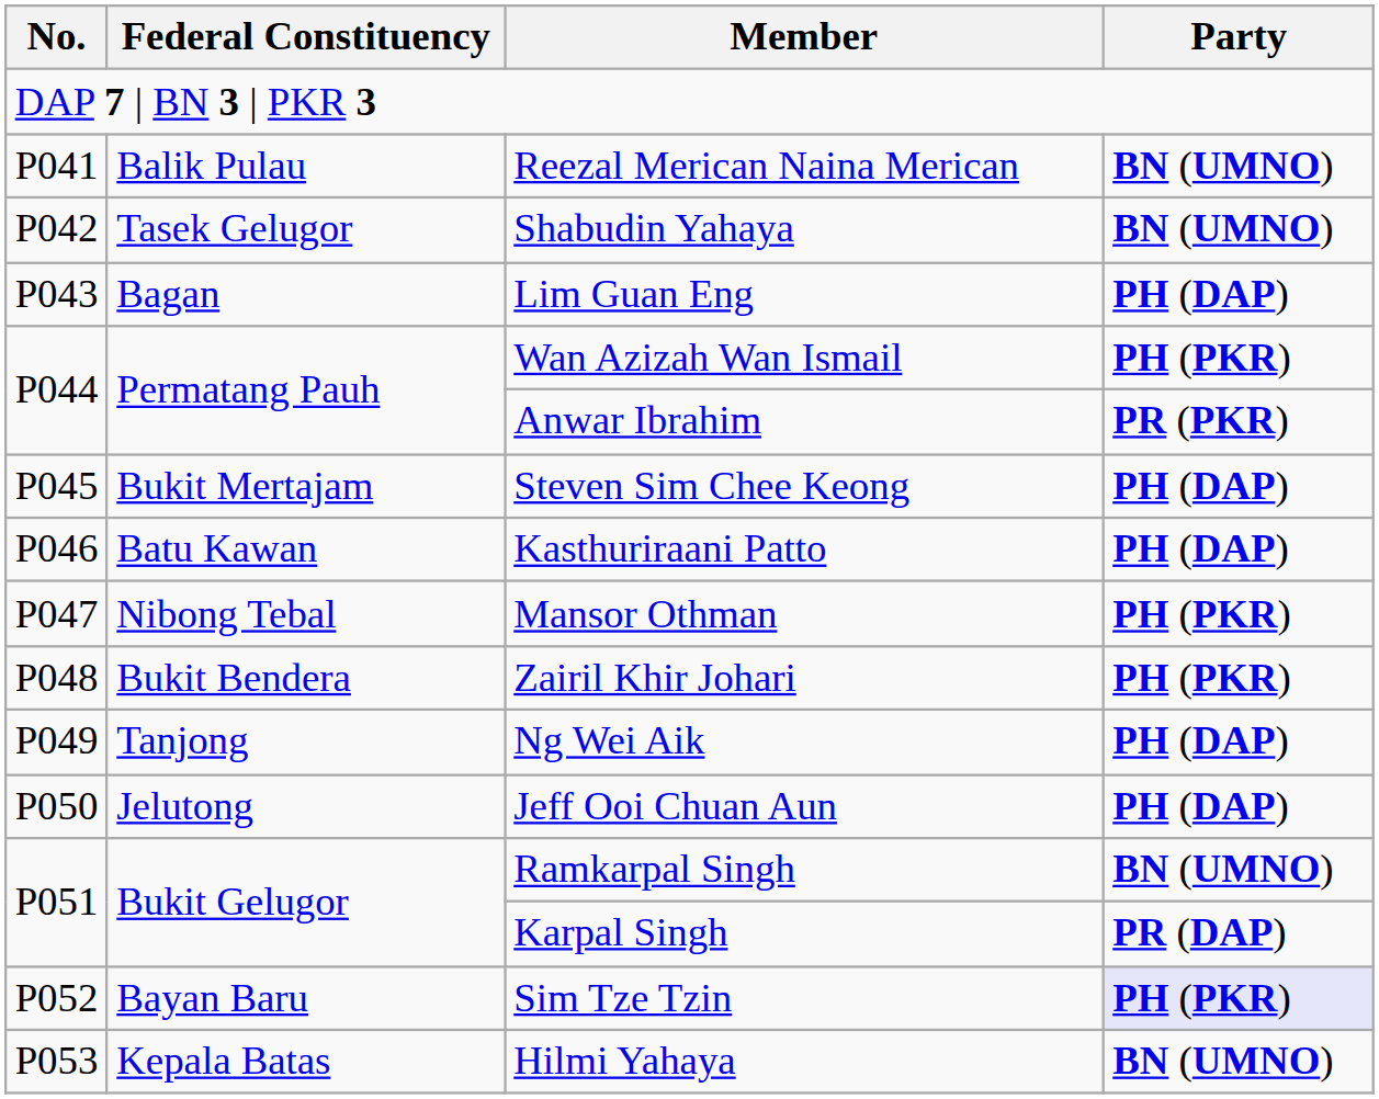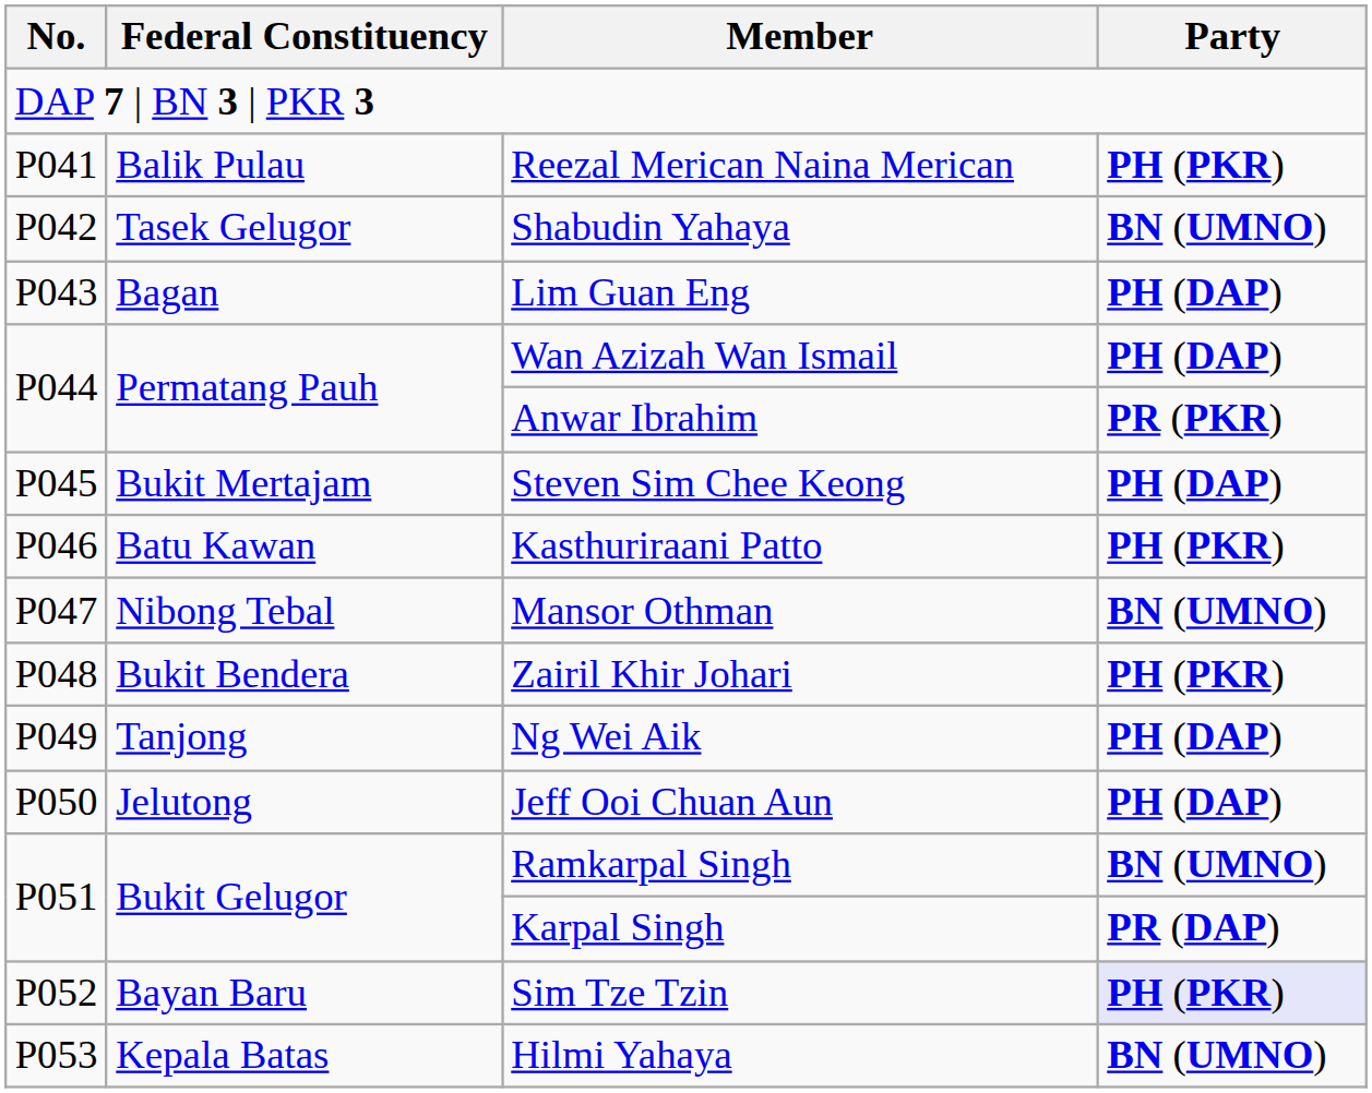 <table class ="wikitable sortable">
 <tr>
 <th style="width:30px;">No.</th>
 <th style="width:150px;">Federal Constituency</th>
 <th style="width:230px;">Member</th>
 <th style="width:100px;">Party</th>
 </tr>
 <tr>
 <td colspan="4"><a href='#'>DAP</a> <strong>7</strong> | <a href='#'>BN</a> <strong>3</strong> | <a href='#'>PKR</a> <strong>3</strong></td>
 </tr>
 <tr>
 <td>P041</td>
 <td><a href='#'>Balik Pulau</a></td>
 <td><a href='#'>Reezal Merican Naina Merican</a></td>
-<td><strong><a href='#'>BN</a></strong> (<strong><a href='#'>UMNO</a></strong>)</td>
+<td><strong><a href='#'>PH</a></strong> (<strong><a href='#'>PKR</a></strong>)</td>
 </tr>
 <tr>
 <td>P042</td>
 <td><a href='#'>Tasek Gelugor</a></td>
 <td><a href='#'>Shabudin Yahaya</a></td>
 <td><strong><a href='#'>BN</a></strong> (<strong><a href='#'>UMNO</a></strong>)</td>
 </tr>
 <tr>
 <td>P043</td>
 <td><a href='#'>Bagan</a></td>
 <td><a href='#'>Lim Guan Eng</a></td>
 <td><strong><a href='#'>PH</a></strong> (<strong><a href='#'>DAP</a></strong>)</td>
 </tr>
 <tr>
 <td rowspan=2>P044</td>
 <td rowspan=2><a href='#'>Permatang Pauh</a></td>
 <td><a href='#'>Wan Azizah Wan Ismail</a> </td>
-<td><strong><a href='#'>PH</a></strong> (<strong><a href='#'>PKR</a></strong>)</td>
+<td><strong><a href='#'>PH</a></strong> (<strong><a href='#'>DAP</a></strong>)</td>
 </tr>
 <tr>
 <td><a href='#'>Anwar Ibrahim</a> </td>
 <td><strong><a href='#'>PR</a></strong> (<strong><a href='#'>PKR</a></strong>)</td>
 </tr>
 <tr>
 <td>P045</td>
 <td><a href='#'>Bukit Mertajam</a></td>
 <td><a href='#'>Steven Sim Chee Keong</a></td>
 <td><strong><a href='#'>PH</a></strong> (<strong><a href='#'>DAP</a></strong>)</td>
 </tr>
 <tr>
 <td>P046</td>
 <td><a href='#'>Batu Kawan</a></td>
 <td><a href='#'>Kasthuriraani Patto</a></td>
-<td><strong><a href='#'>PH</a></strong> (<strong><a href='#'>DAP</a></strong>)</td>
+<td><strong><a href='#'>PH</a></strong> (<strong><a href='#'>PKR</a></strong>)</td>
 </tr>
 <tr>
 <td>P047</td>
 <td><a href='#'>Nibong Tebal</a></td>
 <td><a href='#'>Mansor Othman</a></td>
-<td><strong><a href='#'>PH</a></strong> (<strong><a href='#'>PKR</a></strong>)</td>
+<td><strong><a href='#'>BN</a></strong> (<strong><a href='#'>UMNO</a></strong>)</td>
 </tr>
 <tr>
 <td>P048</td>
 <td><a href='#'>Bukit Bendera</a></td>
 <td><a href='#'>Zairil Khir Johari</a></td>
 <td><strong><a href='#'>PH</a></strong> (<strong><a href='#'>PKR</a></strong>)</td>
 </tr>
 <tr>
 <td>P049</td>
 <td><a href='#'>Tanjong</a></td>
 <td><a href='#'>Ng Wei Aik</a></td>
 <td><strong><a href='#'>PH</a></strong> (<strong><a href='#'>DAP</a></strong>)</td>
 </tr>
 <tr>
 <td>P050</td>
 <td><a href='#'>Jelutong</a></td>
 <td><a href='#'>Jeff Ooi Chuan Aun</a></td>
 <td><strong><a href='#'>PH</a></strong> (<strong><a href='#'>DAP</a></strong>)</td>
 </tr>
 <tr>
 <td rowspan=2>P051</td>
 <td rowspan=2><a href='#'>Bukit Gelugor</a></td>
 <td><a href='#'>Ramkarpal Singh</a> </td>
 <td><strong><a href='#'>BN</a></strong> (<strong><a href='#'>UMNO</a></strong>)</td>
 </tr>
 <tr>
 <td><a href='#'>Karpal Singh</a> </td>
 <td><strong><a href='#'>PR</a></strong> (<strong><a href='#'>DAP</a></strong>)</td>
 </tr>
 <tr>
 <td>P052</td>
 <td><a href='#'>Bayan Baru</a></td>
 <td><a href='#'>Sim Tze Tzin</a></td>
 <td style="background: lavender;"><strong><a href='#'>PH</a></strong> (<strong><a href='#'>PKR</a></strong>)</td>
 </tr>
 <tr>
 <td>P053</td>
 <td><a href='#'>Kepala Batas</a></td>
 <td><a href='#'>Hilmi Yahaya</a></td>
 <td><strong><a href='#'>BN</a></strong> (<strong><a href='#'>UMNO</a></strong>)</td>
 </tr>
 </table>
